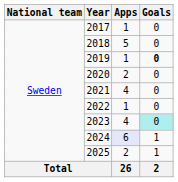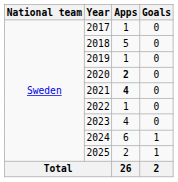 <table class="wikitable" style="text-align:center">
 <tr>
 <th>National team</th>
 <th>Year</th>
 <th>Apps</th>
 <th>Goals</th>
 </tr>
 <tr>
 <td rowspan="9"><a href='#'>Sweden</a></td>
 <td>2017</td>
 <td>1</td>
 <td>0</td>
 </tr>
 <tr>
 <td>2018</td>
 <td>5</td>
 <td>0</td>
 </tr>
 <tr>
 <td>2019</td>
 <td>1</td>
-<td><strong>0</strong></td>
+<td>0</td>
 </tr>
 <tr>
 <td>2020</td>
-<td>2</td>
+<td><strong>2</strong></td>
 <td>0</td>
 </tr>
 <tr>
 <td>2021</td>
-<td>4</td>
+<td><strong>4</strong></td>
 <td>0</td>
 </tr>
 <tr>
 <td>2022</td>
 <td>1</td>
 <td>0</td>
 </tr>
 <tr>
 <td>2023</td>
 <td>4</td>
-<td style="background: paleturquoise;">0</td>
+<td>0</td>
 </tr>
 <tr>
 <td>2024</td>
-<td style="background: lavender;">6</td>
+<td>6</td>
 <td>1</td>
 </tr>
 <tr>
 <td>2025</td>
 <td>2</td>
 <td>1</td>
 </tr>
 <tr>
 <th colspan="2">Total</th>
 <th>26</th>
 <th>2</th>
 </tr>
 </table>
